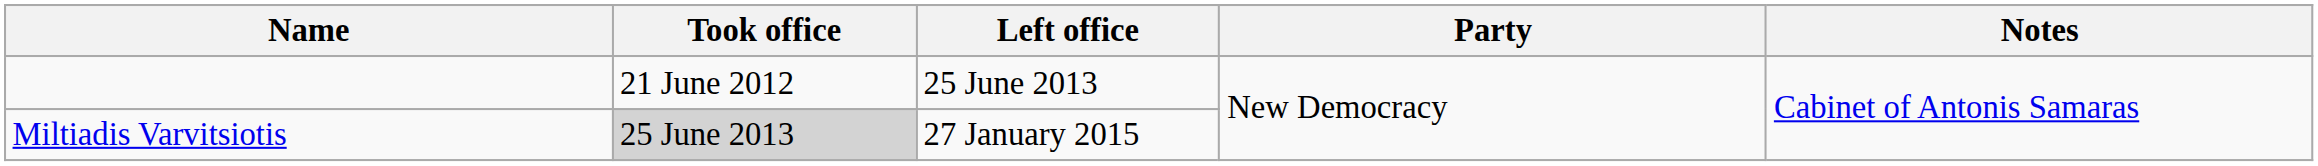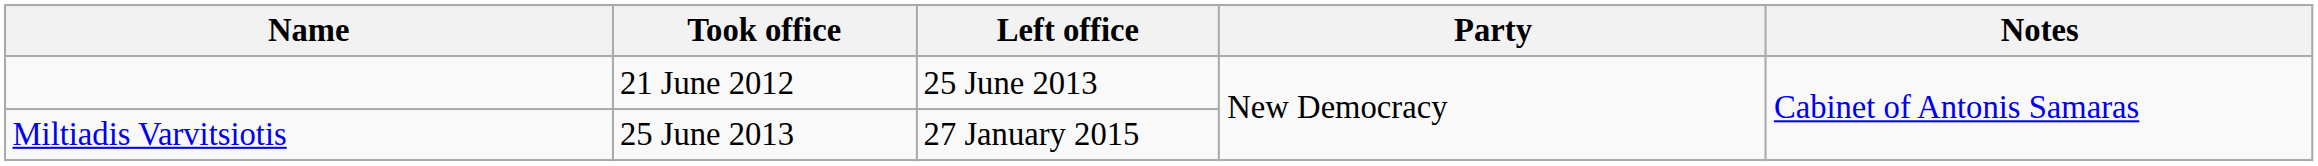 <table class="wikitable">
 <tr>
 <th width="20%">Name</th>
 <th width="10%">Took office</th>
 <th width="10%">Left office</th>
 <th width="18%">Party</th>
 <th width="18%">Notes</th>
 </tr>
 <tr>
 <td></td>
 <td>21 June 2012</td>
 <td>25 June 2013</td>
 <td rowspan=2>New Democracy</td>
 <td rowspan=2><a href='#'>Cabinet of Antonis Samaras</a></td>
 </tr>
 <tr>
 <td><a href='#'>Miltiadis Varvitsiotis</a></td>
-<td style="background: lightgrey;">25 June 2013</td>
+<td>25 June 2013</td>
 <td>27 January 2015</td>
 </tr>
 </table>
